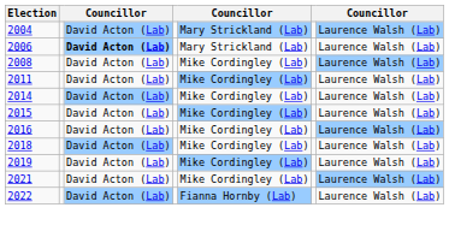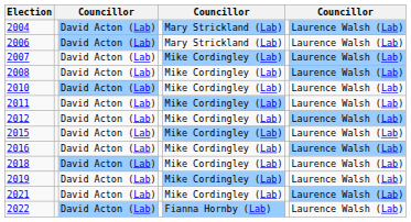 <table class="wikitable">
 <tr>
 <th>Election</th>
 <th colspan="2">Councillor</th>
 <th colspan="2">Councillor</th>
 <th colspan="2">Councillor</th>
 </tr>
 <tr>
 <td><a href='#'>2004</a></td>
 <td style="background-color: "></td>
 <td bgcolor="#99CCFF">David Acton  (<a href='#'>Lab</a>)</td>
 <td style="background-color: "></td>
 <td bgcolor="#99CCFF">Mary Strickland (<a href='#'>Lab</a>)</td>
 <td style="background-color: "></td>
 <td bgcolor="#99CCFF">Laurence Walsh (<a href='#'>Lab</a>)</td>
 </tr>
 <tr>
 <td><a href='#'>2006</a></td>
 <td style="background-color: "></td>
-<td bgcolor="#99CCFF"><strong>David Acton  (<a href='#'>Lab</a>)</strong></td>
+<td bgcolor="#99CCFF">David Acton  (<a href='#'>Lab</a>)</td>
 <td style="background-color: "></td>
 <td>Mary Strickland (<a href='#'>Lab</a>)</td>
 <td style="background-color: "></td>
 <td>Laurence Walsh (<a href='#'>Lab</a>)</td>
+</tr>
+<tr>
+<td><a href='#'>2007</a></td>
+<td style="background-color: "></td>
+<td>David Acton  (<a href='#'>Lab</a>)</td>
+<td style="background-color: "></td>
+<td bgcolor="#99CCFF">Mike Cordingley (<a href='#'>Lab</a>)</td>
+<td style="background-color: "></td>
+<td bgcolor="#99CCFF">Laurence Walsh (<a href='#'>Lab</a>)</td>
 </tr>
 <tr>
 <td><a href='#'>2008</a></td>
 <td style="background-color: "></td>
 <td>David Acton  (<a href='#'>Lab</a>)</td>
 <td style="background-color: "></td>
 <td>Mike Cordingley (<a href='#'>Lab</a>)</td>
 <td style="background-color: "></td>
 <td bgcolor="#99CCFF">Laurence Walsh (<a href='#'>Lab</a>)</td>
 </tr>
 <tr>
+<td><a href='#'>2010</a></td>
+<td style="background-color: "></td>
+<td bgcolor="#99CCFF">David Acton  (<a href='#'>Lab</a>)</td>
+<td style="background-color: "></td>
+<td>Mike Cordingley (<a href='#'>Lab</a>)</td>
+<td style="background-color: "></td>
+<td>Laurence Walsh (<a href='#'>Lab</a>)</td>
+</tr>
+<tr>
 <td><a href='#'>2011</a></td>
 <td style="background-color: "></td>
 <td>David Acton  (<a href='#'>Lab</a>)</td>
 <td style="background-color: "></td>
 <td bgcolor="#99CCFF">Mike Cordingley (<a href='#'>Lab</a>)</td>
 <td style="background-color: "></td>
 <td>Laurence Walsh (<a href='#'>Lab</a>)</td>
 </tr>
 <tr>
-<td><a href='#'>2014</a></td>
+<td><a href='#'>2012</a></td>
 <td style="background-color: "></td>
-<td bgcolor="#99CCFF">David Acton (<a href='#'>Lab</a>)</td>
+<td>David Acton  (<a href='#'>Lab</a>)</td>
 <td style="background-color: "></td>
 <td>Mike Cordingley (<a href='#'>Lab</a>)</td>
 <td style="background-color: "></td>
-<td>Laurence Walsh (<a href='#'>Lab</a>)</td>
+<td bgcolor="#99CCFF">Laurence Walsh (<a href='#'>Lab</a>)</td>
 </tr>
 <tr>
 <td><a href='#'>2015</a></td>
 <td style="background-color: "></td>
 <td>David Acton (<a href='#'>Lab</a>)</td>
 <td style="background-color: "></td>
 <td bgcolor="#99CCFF">Mike Cordingley (<a href='#'>Lab</a>)</td>
 <td style="background-color: "></td>
 <td>Laurence Walsh (<a href='#'>Lab</a>)</td>
 </tr>
 <tr>
 <td><a href='#'>2016</a></td>
 <td style="background-color: "></td>
 <td>David Acton (<a href='#'>Lab</a>)</td>
 <td style="background-color: "></td>
 <td>Mike Cordingley (<a href='#'>Lab</a>)</td>
 <td style="background-color: "></td>
 <td bgcolor="#99CCFF">Laurence Walsh (<a href='#'>Lab</a>)</td>
 </tr>
 <tr>
 <td><a href='#'>2018</a></td>
 <td style="background-color: "></td>
 <td bgcolor="#99CCFF">David Acton (<a href='#'>Lab</a>)</td>
 <td style="background-color: "></td>
 <td>Mike Cordingley (<a href='#'>Lab</a>)</td>
 <td style="background-color: "></td>
 <td>Laurence Walsh (<a href='#'>Lab</a>)</td>
 </tr>
 <tr>
 <td><a href='#'>2019</a></td>
 <td style="background-color: "></td>
 <td>David Acton (<a href='#'>Lab</a>)</td>
 <td style="background-color: "></td>
 <td bgcolor="#99CCFF">Mike Cordingley (<a href='#'>Lab</a>)</td>
 <td style="background-color: "></td>
 <td>Laurence Walsh (<a href='#'>Lab</a>)</td>
 </tr>
 <tr>
 <td><a href='#'>2021</a></td>
 <td style="background-color: "></td>
 <td>David Acton (<a href='#'>Lab</a>)</td>
 <td style="background-color: "></td>
 <td>Mike Cordingley (<a href='#'>Lab</a>)</td>
 <td style="background-color: "></td>
 <td bgcolor="#99CCFF">Laurence Walsh (<a href='#'>Lab</a>)</td>
 </tr>
 <tr>
 <td><a href='#'>2022</a></td>
 <td style="background-color: "></td>
 <td bgcolor="#99CCFF">David Acton (<a href='#'>Lab</a>)</td>
 <td style="background-color: "></td>
 <td bgcolor="#99CCFF">Fianna Hornby (<a href='#'>Lab</a>)</td>
 <td style="background-color: "></td>
 <td>Laurence Walsh (<a href='#'>Lab</a>)</td>
 </tr>
 </table>
